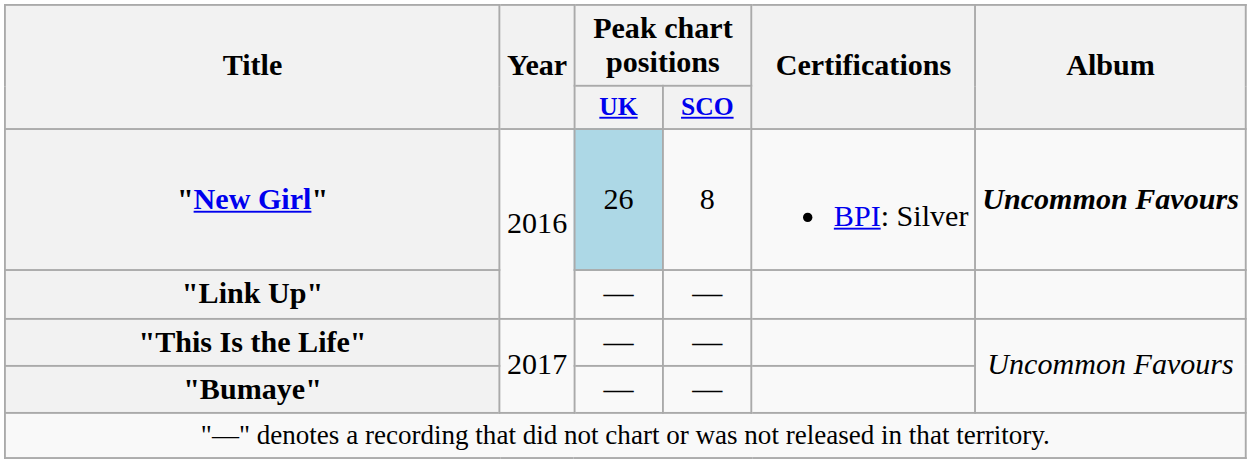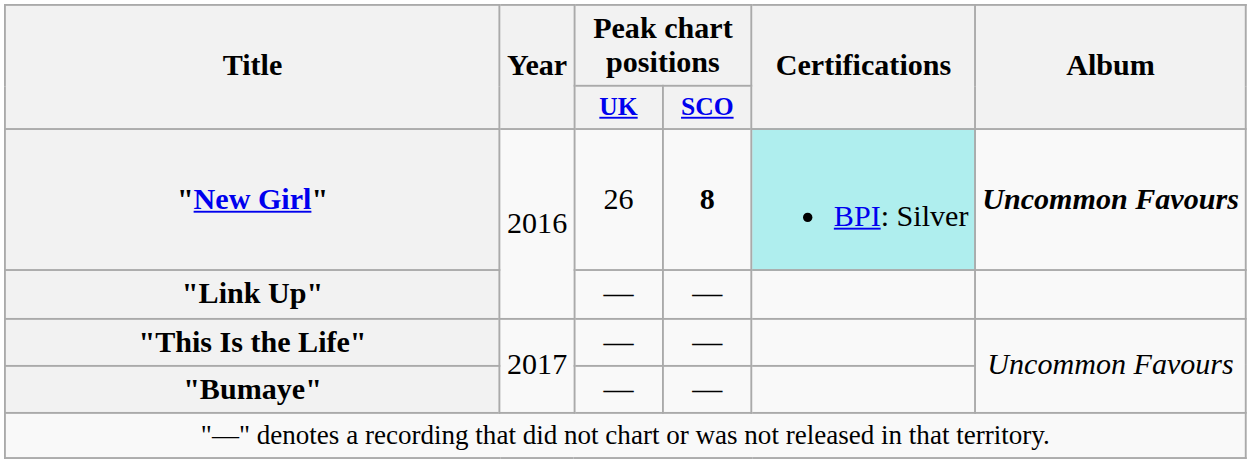 <table class="wikitable plainrowheaders" style="text-align:center;">
 <tr>
 <th scope="col" rowspan="2" style="width:16em;">Title</th>
 <th scope="col" rowspan="2" style="width:1em;">Year</th>
 <th scope="col" colspan="2">Peak chart positions</th>
 <th scope="col" rowspan="2">Certifications</th>
 <th scope="col" rowspan="2">Album</th>
 </tr>
 <tr>
 <th scope="col" style="width:3em;font-size:85%;"><a href='#'>UK</a><br></th>
 <th scope="col" style="width:3em;font-size:85%;"><a href='#'>SCO</a><br></th>
 </tr>
 <tr>
 <th scope="row">"<a href='#'>New Girl</a>"</th>
 <td rowspan="2">2016</td>
-<td style="background: lightblue;">26</td>
-<td>8</td>
-<td><br><ul><li><a href='#'>BPI</a>: Silver</li></ul></td>
+<td>26</td>
+<td><strong>8</strong></td>
+<td style="background: paleturquoise;"><br><ul><li><a href='#'>BPI</a>: Silver</li></ul></td>
 <td><strong><em>Uncommon Favours</em></strong></td>
 </tr>
 <tr>
 <th scope="row">"Link Up"</th>
 <td>—</td>
 <td>—</td>
 <td></td>
 <td></td>
 </tr>
 <tr>
 <th scope="row">"This Is the Life"</th>
 <td rowspan="2">2017</td>
 <td>—</td>
 <td>—</td>
 <td></td>
 <td rowspan="2"><em>Uncommon Favours</em></td>
 </tr>
 <tr>
 <th scope="row">"Bumaye"</th>
 <td>—</td>
 <td>—</td>
 <td></td>
 </tr>
 <tr>
 <td colspan="6" style="font-size:90%">"—" denotes a recording that did not chart or was not released in that territory.</td>
 </tr>
 </table>
